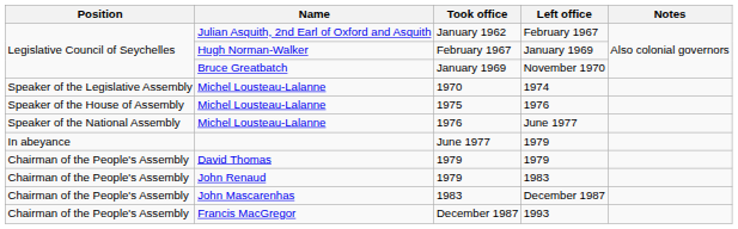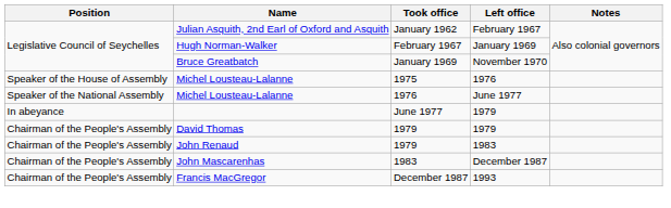 <table class="wikitable">
 <tr>
 <th>Position</th>
 <th>Name</th>
 <th>Took office</th>
 <th>Left office</th>
 <th>Notes</th>
 </tr>
 <tr>
 <td rowspan="3">Legislative Council of Seychelles</td>
 <td><a href='#'>Julian Asquith, 2nd Earl of Oxford and Asquith</a></td>
 <td>January 1962</td>
 <td>February 1967</td>
 <td rowspan=3>Also colonial governors<br> </td>
 </tr>
 <tr>
 <td><a href='#'>Hugh Norman-Walker</a></td>
 <td>February 1967</td>
 <td>January 1969</td>
 </tr>
 <tr>
 <td><a href='#'>Bruce Greatbatch</a></td>
 <td>January 1969</td>
 <td>November 1970</td>
-</tr>
-<tr>
-<td>Speaker of the Legislative Assembly</td>
-<td><a href='#'>Michel Lousteau-Lalanne</a></td>
-<td>1970</td>
-<td>1974</td>
-<td></td>
 </tr>
 <tr>
 <td>Speaker of the House of Assembly</td>
 <td><a href='#'>Michel Lousteau-Lalanne</a></td>
 <td>1975</td>
 <td>1976</td>
 <td></td>
 </tr>
 <tr>
 <td>Speaker of the National Assembly</td>
 <td><a href='#'>Michel Lousteau-Lalanne</a></td>
 <td>1976</td>
 <td>June 1977</td>
 <td></td>
 </tr>
 <tr>
 <td>In abeyance</td>
 <td></td>
 <td>June 1977</td>
 <td>1979</td>
 <td></td>
 </tr>
 <tr>
 <td>Chairman of the People's Assembly</td>
 <td><a href='#'>David Thomas</a></td>
 <td>1979</td>
 <td>1979</td>
 <td></td>
 </tr>
 <tr>
 <td>Chairman of the People's Assembly</td>
 <td><a href='#'>John Renaud</a></td>
 <td>1979</td>
 <td>1983</td>
 <td></td>
 </tr>
 <tr>
 <td>Chairman of the People's Assembly</td>
 <td><a href='#'>John Mascarenhas</a></td>
 <td>1983</td>
 <td>December 1987</td>
 <td></td>
 </tr>
 <tr>
 <td>Chairman of the People's Assembly</td>
 <td><a href='#'>Francis MacGregor</a></td>
 <td>December 1987</td>
 <td>1993</td>
 <td></td>
 </tr>
 </table>
